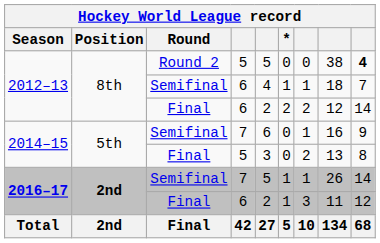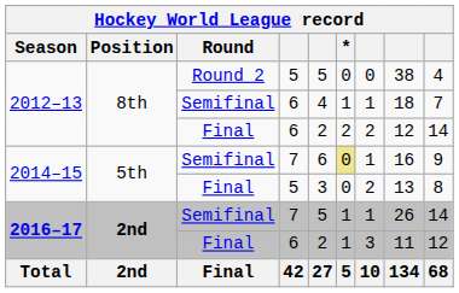 <table class="wikitable" style="text-align: center;">
 <tr>
 <th colspan=9><a href='#'>Hockey World League</a> record</th>
 </tr>
 <tr>
 <th>Season</th>
 <th>Position</th>
 <th>Round</th>
 <th></th>
 <th></th>
 <th> *</th>
 <th></th>
 <th></th>
 <th></th>
 </tr>
 <tr>
 <td rowspan=3><a href='#'>2012–13</a></td>
 <td rowspan=3>8th</td>
 <td><a href='#'>Round 2</a></td>
 <td>5</td>
 <td>5</td>
 <td>0</td>
 <td>0</td>
 <td>38</td>
-<td><strong>4</strong></td>
+<td>4</td>
 </tr>
 <tr>
 <td><a href='#'>Semifinal</a></td>
 <td>6</td>
 <td>4</td>
 <td>1</td>
 <td>1</td>
 <td>18</td>
 <td>7</td>
 </tr>
 <tr>
 <td><a href='#'>Final</a></td>
 <td>6</td>
 <td>2</td>
 <td>2</td>
 <td>2</td>
 <td>12</td>
 <td>14</td>
 </tr>
 <tr>
 <td rowspan=2><a href='#'>2014–15</a></td>
 <td rowspan=2>5th</td>
 <td><a href='#'>Semifinal</a></td>
 <td>7</td>
 <td>6</td>
-<td>0</td>
+<td style="background: khaki;">0</td>
 <td>1</td>
 <td>16</td>
 <td>9</td>
 </tr>
 <tr>
 <td><a href='#'>Final</a></td>
 <td>5</td>
 <td>3</td>
 <td>0</td>
 <td>2</td>
 <td>13</td>
 <td>8</td>
 </tr>
 <tr bgcolor=silver>
 <td rowspan=2><strong><a href='#'>2016–17</a></strong></td>
 <td rowspan=2><strong>2nd</strong></td>
 <td><a href='#'>Semifinal</a></td>
 <td>7</td>
 <td>5</td>
 <td>1</td>
 <td>1</td>
 <td>26</td>
 <td>14</td>
 </tr>
 <tr bgcolor=silver>
 <td><a href='#'>Final</a></td>
 <td>6</td>
 <td>2</td>
 <td>1</td>
 <td>3</td>
 <td>11</td>
 <td>12</td>
 </tr>
 <tr>
 <th>Total</th>
 <th>2nd</th>
 <th>Final</th>
 <th>42</th>
 <th>27</th>
 <th>5</th>
 <th>10</th>
 <th>134</th>
 <th>68</th>
 </tr>
 </table>
